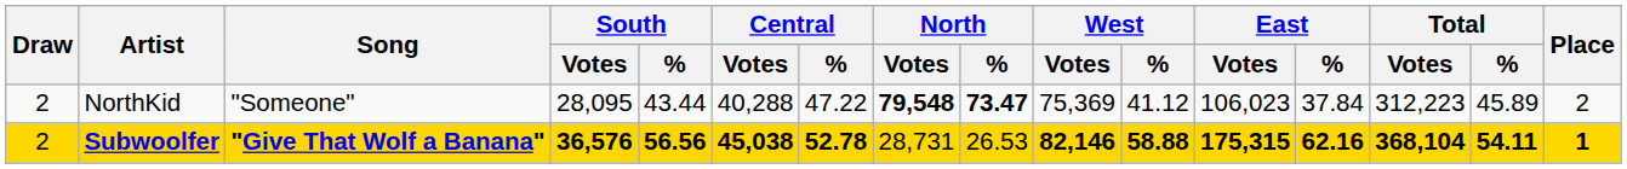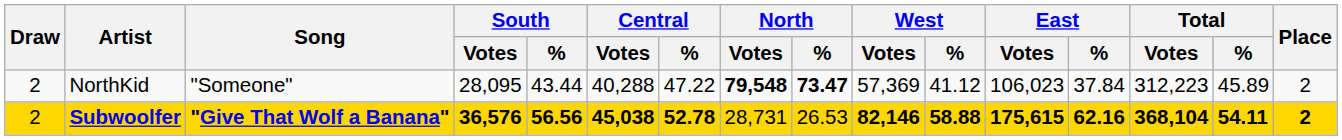 <table class="sortable wikitable" style="margin: 1em auto 1em auto">
 <tr>
 <th scope="col" rowspan="2">Draw</th>
 <th scope="col" rowspan="2">Artist</th>
 <th scope="col" rowspan="2">Song</th>
 <th scope="col" colspan="2"><a href='#'>South</a></th>
 <th scope="col" colspan="2"><a href='#'>Central</a></th>
 <th scope="col" colspan="2"><a href='#'>North</a></th>
 <th scope="col" colspan="2"><a href='#'>West</a></th>
 <th scope="col" colspan="2"><a href='#'>East</a></th>
 <th scope="col" colspan="2">Total</th>
 <th scope="col" rowspan="2">Place</th>
 </tr>
 <tr>
 <th scope="col">Votes</th>
 <th scope="col">%</th>
 <th scope="col">Votes</th>
 <th scope="col">%</th>
 <th scope="col">Votes</th>
 <th scope="col">%</th>
 <th scope="col">Votes</th>
 <th scope="col">%</th>
 <th scope="col">Votes</th>
 <th scope="col">%</th>
 <th scope="col">Votes</th>
 <th scope="col">%</th>
 </tr>
 <tr>
 <td align="center">2</td>
 <td>NorthKid</td>
 <td>"Someone"</td>
 <td align="center">28,095</td>
 <td>43.44</td>
 <td align="center">40,288</td>
 <td>47.22</td>
 <td align="center"><strong>79,548</strong></td>
 <td><strong>73.47</strong></td>
-<td align="center">75,369</td>
+<td align="center">57,369</td>
 <td>41.12</td>
 <td align="center">106,023</td>
 <td>37.84</td>
 <td align="center">312,223</td>
 <td>45.89</td>
 <td align="center">2</td>
 </tr>
 <tr style="background: gold;">
 <td align="center">2</td>
 <td><strong><a href='#'>Subwoolfer</a></strong></td>
 <td><strong>"<a href='#'>Give That Wolf a Banana</a>"</strong></td>
 <td align="center"><strong>36,576</strong></td>
 <td><strong>56.56</strong></td>
 <td align="center"><strong>45,038</strong></td>
 <td><strong>52.78</strong></td>
 <td align="center">28,731</td>
 <td>26.53</td>
 <td align="center"><strong>82,146</strong></td>
 <td><strong>58.88</strong></td>
-<td align="center"><strong>175,315</strong></td>
+<td align="center"><strong>175,615</strong></td>
 <td><strong>62.16</strong></td>
 <td align="center"><strong>368,104</strong></td>
 <td><strong>54.11</strong></td>
-<td align="center"><strong>1</strong></td>
+<td align="center"><strong>2</strong></td>
 </tr>
 </table>
